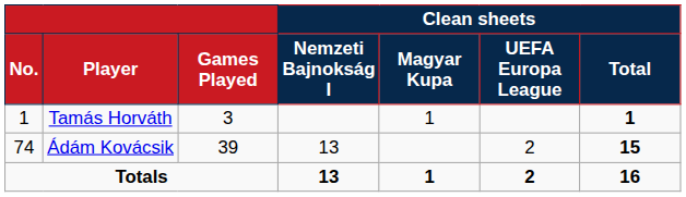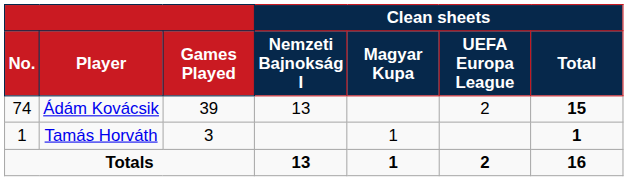 <table class="wikitable sortable alternance" style="text-align:center">
 <tr>
 <th colspan="3" style="background:#CA1A22;border:1px solid #06284B"></th>
 <th colspan="4" style="background:#06284B;color:white;border:1px solid #CA1A22">Clean sheets</th>
 </tr>
 <tr>
 <th style="background-color:#CA1A22;color:white;border:1px solid #06284B">No.</th>
 <th style="background-color:#CA1A22;color:white;border:1px solid #06284B">Player</th>
 <th width=80 style="background-color:#CA1A22;color:white;border:1px solid #06284B">Games Played</th>
 <th width=80 style="background-color:#06284B;color:white;border:1px solid #CA1A22">Nemzeti Bajnokság I</th>
 <th width=80 style="background-color:#06284B;color:white;border:1px solid #CA1A22">Magyar Kupa</th>
 <th width=80 style="background-color:#06284B;color:white;border:1px solid #CA1A22">UEFA Europa League</th>
 <th width=80 style="background-color:#06284B;color:white;border:1px solid #CA1A22">Total</th>
 </tr>
 <tr>
+<td>74</td>
+<td> <a href='#'>Ádám Kovácsik</a></td>
+<td>39</td>
+<td>13</td>
+<td></td>
+<td>2</td>
+<td><strong>15</strong></td>
+</tr>
+<tr>
 <td>1</td>
 <td> <a href='#'>Tamás Horváth</a></td>
 <td>3</td>
 <td></td>
 <td>1</td>
 <td></td>
 <td><strong>1</strong></td>
-</tr>
-<tr>
-<td>74</td>
-<td> <a href='#'>Ádám Kovácsik</a></td>
-<td>39</td>
-<td>13</td>
-<td></td>
-<td>2</td>
-<td><strong>15</strong></td>
 </tr>
 <tr class="sortbottom">
 <td colspan="3"><strong>Totals</strong></td>
 <td><strong>13</strong></td>
 <td><strong>1</strong></td>
 <td><strong>2</strong></td>
 <td><strong>16</strong></td>
 </tr>
 </table>
